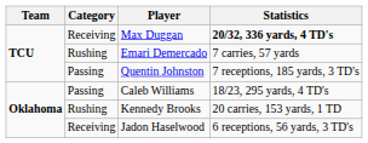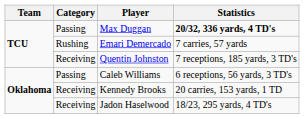 <table class="wikitable" style="float: right;">
 <tr>
 <th>Team</th>
 <th>Category</th>
 <th>Player</th>
 <th>Statistics</th>
 </tr>
 <tr>
 <td rowspan=3><strong>TCU</strong></td>
-<td>Receiving</td>
+<td>Passing</td>
 <td><a href='#'>Max Duggan</a></td>
 <td><strong>20/32, 336 yards, 4 TD's</strong></td>
 </tr>
 <tr>
 <td>Rushing</td>
 <td><a href='#'>Emari Demercado</a></td>
 <td>7 carries, 57 yards</td>
 </tr>
 <tr>
-<td>Passing</td>
+<td>Receiving</td>
 <td><a href='#'>Quentin Johnston</a></td>
 <td>7 receptions, 185 yards, 3 TD's</td>
 </tr>
 <tr>
 <td rowspan=3><strong>Oklahoma</strong></td>
 <td>Passing</td>
 <td>Caleb Williams</td>
-<td>18/23, 295 yards, 4 TD's</td>
+<td>6 receptions, 56 yards, 3 TD's</td>
 </tr>
 <tr>
-<td>Rushing</td>
+<td>Receiving</td>
 <td>Kennedy Brooks</td>
 <td>20 carries, 153 yards, 1 TD</td>
 </tr>
 <tr>
 <td>Receiving</td>
 <td>Jadon Haselwood</td>
-<td>6 receptions, 56 yards, 3 TD's</td>
+<td>18/23, 295 yards, 4 TD's</td>
 </tr>
 </table>
